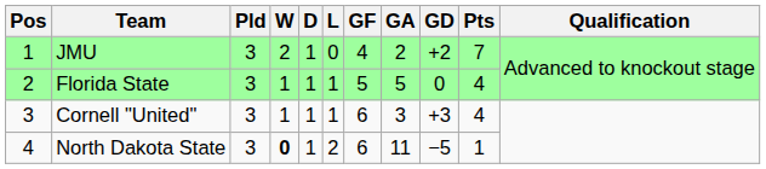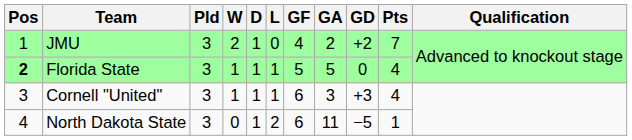 <table class="wikitable" style="text-align:center">
 <tr>
 <th>Pos</th>
 <th>Team</th>
 <th>Pld</th>
 <th>W</th>
 <th>D</th>
 <th>L</th>
 <th>GF</th>
 <th>GA</th>
 <th>GD</th>
 <th>Pts</th>
 <th>Qualification</th>
 </tr>
 <tr bgcolor="#9eff9e">
 <td>1</td>
 <td style="text-align:left">JMU</td>
 <td>3</td>
 <td>2</td>
 <td>1</td>
 <td>0</td>
 <td>4</td>
 <td>2</td>
 <td>+2</td>
 <td>7</td>
 <td rowspan="2">Advanced to knockout stage</td>
 </tr>
 <tr bgcolor="#9eff9e">
-<td>2</td>
+<td><strong>2</strong></td>
 <td style="text-align:left">Florida State</td>
 <td>3</td>
 <td>1</td>
 <td>1</td>
 <td>1</td>
 <td>5</td>
 <td>5</td>
 <td>0</td>
 <td>4</td>
 </tr>
 <tr>
 <td>3</td>
 <td style="text-align:left">Cornell "United"</td>
 <td>3</td>
 <td>1</td>
 <td>1</td>
 <td>1</td>
 <td>6</td>
 <td>3</td>
 <td>+3</td>
 <td>4</td>
 <td rowspan="2"></td>
 </tr>
 <tr>
 <td>4</td>
 <td style="text-align:left">North Dakota State</td>
 <td>3</td>
-<td><strong>0</strong></td>
+<td>0</td>
 <td>1</td>
 <td>2</td>
 <td>6</td>
 <td>11</td>
 <td>−5</td>
 <td>1</td>
 </tr>
 </table>
